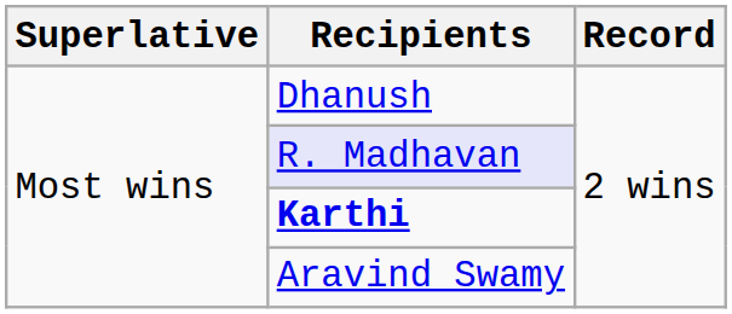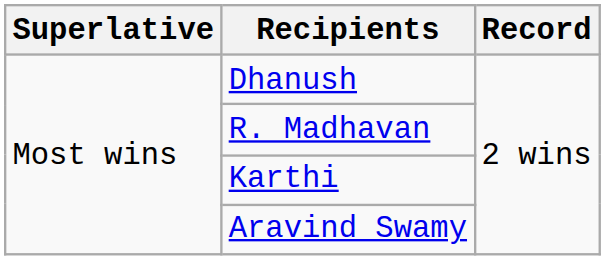 <table class="wikitable">
 <tr>
 <th>Superlative</th>
 <th>Recipients</th>
 <th>Record</th>
 </tr>
 <tr>
 <td rowspan="4">Most wins</td>
 <td><a href='#'>Dhanush</a></td>
 <td rowspan="4">2 wins</td>
 </tr>
 <tr>
-<td style="background: lavender;"><a href='#'>R. Madhavan</a></td>
+<td><a href='#'>R. Madhavan</a></td>
 </tr>
 <tr>
-<td><strong><a href='#'>Karthi</a></strong></td>
+<td><a href='#'>Karthi</a></td>
 </tr>
 <tr>
 <td><a href='#'>Aravind Swamy</a></td>
 </tr>
 </table>
